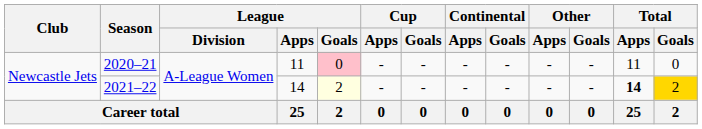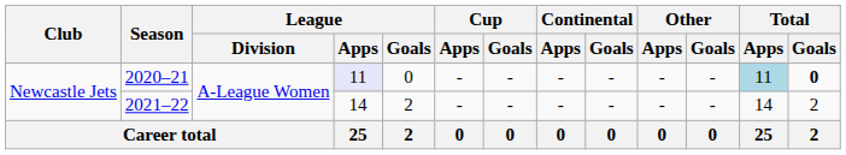 <table class="wikitable" style="text-align:center">
 <tr>
 <th rowspan="2">Club</th>
 <th rowspan="2">Season</th>
 <th colspan="3">League</th>
 <th colspan="2">Cup</th>
 <th colspan="2">Continental</th>
 <th colspan="2">Other</th>
 <th colspan="2">Total</th>
 </tr>
 <tr>
 <th>Division</th>
 <th>Apps</th>
 <th>Goals</th>
 <th>Apps</th>
 <th>Goals</th>
 <th>Apps</th>
 <th>Goals</th>
 <th>Apps</th>
 <th>Goals</th>
 <th>Apps</th>
 <th>Goals</th>
 </tr>
 <tr>
 <td rowspan="2"><a href='#'>Newcastle Jets</a></td>
 <td><a href='#'>2020–21</a></td>
 <td rowspan="2"><a href='#'>A-League Women</a></td>
-<td>11</td>
-<td style="background: pink;">0</td>
+<td style="background: lavender;">11</td>
+<td>0</td>
 <td>-</td>
 <td>-</td>
 <td>-</td>
 <td>-</td>
 <td>-</td>
 <td>-</td>
-<td>11</td>
-<td>0</td>
+<td style="background: lightblue;">11</td>
+<td><strong>0</strong></td>
 </tr>
 <tr>
 <td><a href='#'>2021–22</a></td>
 <td>14</td>
-<td style="background: lightyellow;">2</td>
+<td>2</td>
 <td>-</td>
 <td>-</td>
 <td>-</td>
 <td>-</td>
 <td>-</td>
 <td>-</td>
-<td><strong>14</strong></td>
-<td style="background: gold;">2</td>
+<td>14</td>
+<td>2</td>
 </tr>
 <tr>
 <th colspan="3">Career total</th>
 <th>25</th>
 <th>2</th>
 <th>0</th>
 <th>0</th>
 <th>0</th>
 <th>0</th>
 <th>0</th>
 <th>0</th>
 <th>25</th>
 <th>2</th>
 </tr>
 </table>
